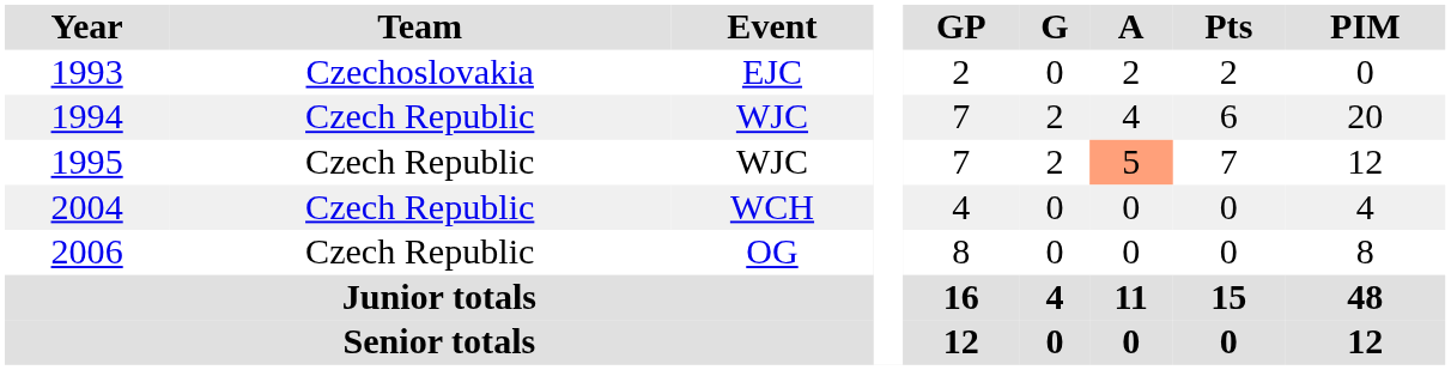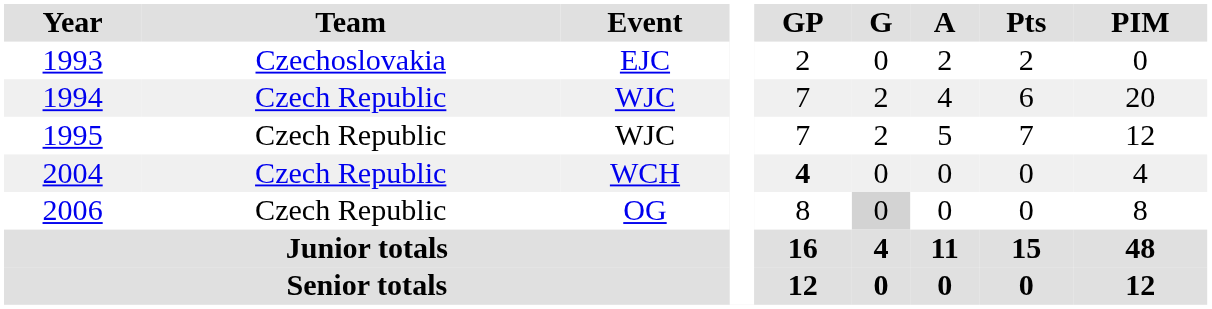 <table border="0" cellpadding="1" cellspacing="0" style="text-align:center; width:40em">
 <tr ALIGN="center" bgcolor="#e0e0e0">
 <th>Year</th>
 <th>Team</th>
 <th>Event</th>
 <th rowspan="99" bgcolor="#ffffff"> </th>
 <th>GP</th>
 <th>G</th>
 <th>A</th>
 <th>Pts</th>
 <th>PIM</th>
 </tr>
 <tr>
 <td><a href='#'>1993</a></td>
 <td><a href='#'>Czechoslovakia</a></td>
 <td><a href='#'>EJC</a></td>
 <td>2</td>
 <td>0</td>
 <td>2</td>
 <td>2</td>
 <td>0</td>
 </tr>
 <tr bgcolor="#f0f0f0">
 <td><a href='#'>1994</a></td>
 <td><a href='#'>Czech Republic</a></td>
 <td><a href='#'>WJC</a></td>
 <td>7</td>
 <td>2</td>
 <td>4</td>
 <td>6</td>
 <td>20</td>
 </tr>
 <tr>
 <td><a href='#'>1995</a></td>
 <td>Czech Republic</td>
 <td>WJC</td>
 <td>7</td>
 <td>2</td>
-<td style="background: lightsalmon;">5</td>
+<td>5</td>
 <td>7</td>
 <td>12</td>
 </tr>
 <tr bgcolor="#f0f0f0">
 <td><a href='#'>2004</a></td>
 <td><a href='#'>Czech Republic</a></td>
 <td><a href='#'>WCH</a></td>
-<td>4</td>
+<td><strong>4</strong></td>
 <td>0</td>
 <td>0</td>
 <td>0</td>
 <td>4</td>
 </tr>
 <tr>
 <td><a href='#'>2006</a></td>
 <td>Czech Republic</td>
 <td><a href='#'>OG</a></td>
 <td>8</td>
-<td>0</td>
+<td style="background: lightgrey;">0</td>
 <td>0</td>
 <td>0</td>
 <td>8</td>
 </tr>
 <tr bgcolor="#e0e0e0">
 <th colspan="3">Junior totals</th>
 <th>16</th>
 <th>4</th>
 <th>11</th>
 <th>15</th>
 <th>48</th>
 </tr>
 <tr bgcolor="#e0e0e0">
 <th colspan="3">Senior totals</th>
 <th>12</th>
 <th>0</th>
 <th>0</th>
 <th>0</th>
 <th>12</th>
 </tr>
 </table>
